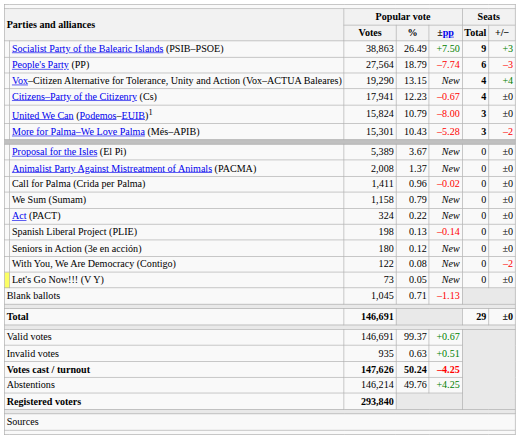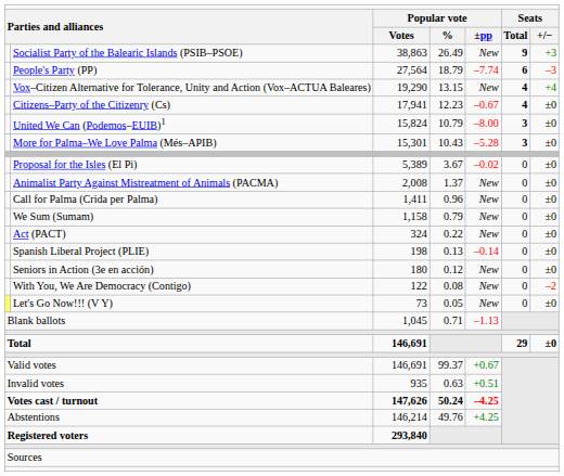 <table class="wikitable" style="text-align:right;">
 <tr>
 <td colspan="7"></td>
 </tr>
 <tr>
 <th style="text-align:left;" rowspan="2" colspan="2" width="525">Parties and alliances</th>
 <th colspan="3">Popular vote</th>
 <th colspan="2">Seats</th>
 </tr>
 <tr>
 <th width="75">Votes</th>
 <th width="45">%</th>
 <th width="45">±<a href='#'>pp</a></th>
 <th width="35">Total</th>
 <th width="35">+/−</th>
 </tr>
 <tr>
 <td width="1" style="color:inherit;background:"></td>
 <td align="left"><a href='#'>Socialist Party of the Balearic Islands</a> (PSIB–PSOE)</td>
 <td>38,863</td>
 <td>26.49</td>
-<td style="color:green;">+7.50</td>
+<td><em>New</em></td>
 <td><strong>9</strong></td>
 <td style="color:green;">+3</td>
 </tr>
 <tr>
 <td style="color:inherit;background:"></td>
 <td align="left"><a href='#'>People's Party</a> (PP)</td>
 <td>27,564</td>
 <td>18.79</td>
 <td style="color:red;">–7.74</td>
 <td><strong>6</strong></td>
 <td style="color:red;">–3</td>
 </tr>
 <tr>
 <td style="color:inherit;background:"></td>
 <td align="left"><a href='#'>Vox</a>–Citizen Alternative for Tolerance, Unity and Action (Vox–ACTUA Baleares)</td>
 <td>19,290</td>
 <td>13.15</td>
 <td><em>New</em></td>
 <td><strong>4</strong></td>
 <td style="color:green;">+4</td>
 </tr>
 <tr>
 <td style="color:inherit;background:"></td>
 <td align="left"><a href='#'>Citizens–Party of the Citizenry</a> (Cs)</td>
 <td>17,941</td>
 <td>12.23</td>
 <td style="color:red;">–0.67</td>
 <td><strong>4</strong></td>
 <td>±0</td>
 </tr>
 <tr>
 <td style="color:inherit;background:"></td>
 <td align="left"><a href='#'>United We Can</a> (<a href='#'>Podemos</a>–<a href='#'>EUIB</a>)<sup>1</sup></td>
 <td>15,824</td>
 <td>10.79</td>
 <td style="color:red;">–8.00</td>
 <td><strong>3</strong></td>
 <td>±0</td>
 </tr>
 <tr>
 <td style="color:inherit;background:"></td>
 <td align="left"><a href='#'>More for Palma–We Love Palma</a> (Més–APIB)</td>
 <td>15,301</td>
 <td>10.43</td>
 <td style="color:red;">–5.28</td>
 <td><strong>3</strong></td>
-<td style="color:red;">–2</td>
+<td>±0</td>
 </tr>
 <tr>
 <td colspan="7" bgcolor="#C0C0C0"></td>
 </tr>
 <tr>
 <td style="color:inherit;background:"></td>
 <td align="left"><a href='#'>Proposal for the Isles</a> (El Pi)</td>
 <td>5,389</td>
 <td>3.67</td>
-<td><em>New</em></td>
+<td style="color:red;">–0.02</td>
 <td>0</td>
 <td>±0</td>
 </tr>
 <tr>
 <td style="color:inherit;background:"></td>
 <td align="left"><a href='#'>Animalist Party Against Mistreatment of Animals</a> (PACMA)</td>
 <td>2,008</td>
 <td>1.37</td>
 <td><em>New</em></td>
 <td>0</td>
 <td>±0</td>
 </tr>
 <tr>
 <td style="color:inherit;background:"></td>
 <td align="left">Call for Palma (Crida per Palma)</td>
 <td>1,411</td>
 <td>0.96</td>
-<td style="color:red;">–0.02</td>
+<td><em>New</em></td>
 <td>0</td>
 <td>±0</td>
 </tr>
 <tr>
 <td style="color:inherit;background:"></td>
 <td align="left">We Sum (Sumam)</td>
 <td>1,158</td>
 <td>0.79</td>
 <td><em>New</em></td>
 <td>0</td>
 <td>±0</td>
 </tr>
 <tr>
 <td style="color:inherit;background:"></td>
 <td align="left"><a href='#'>Act</a> (PACT)</td>
 <td>324</td>
 <td>0.22</td>
 <td><em>New</em></td>
 <td>0</td>
 <td>±0</td>
 </tr>
 <tr>
 <td style="color:inherit;background:"></td>
 <td align="left">Spanish Liberal Project (PLIE)</td>
 <td>198</td>
 <td>0.13</td>
 <td style="color:red;">–0.14</td>
 <td>0</td>
 <td>±0</td>
 </tr>
 <tr>
 <td style="color:inherit;background:"></td>
 <td align="left">Seniors in Action (3e en acción)</td>
 <td>180</td>
 <td>0.12</td>
 <td><em>New</em></td>
 <td>0</td>
 <td>±0</td>
 </tr>
 <tr>
 <td style="color:inherit;background:"></td>
 <td align="left">With You, We Are Democracy (Contigo)</td>
 <td>122</td>
 <td>0.08</td>
 <td><em>New</em></td>
 <td>0</td>
 <td style="color:red;">–2</td>
 </tr>
 <tr>
 <td bgcolor="#FBFE63"></td>
 <td align="left">Let's Go Now!!! (V Y)</td>
 <td>73</td>
 <td>0.05</td>
 <td><em>New</em></td>
 <td>0</td>
 <td>±0</td>
 </tr>
 <tr>
 <td align="left" colspan="2">Blank ballots</td>
 <td>1,045</td>
 <td>0.71</td>
 <td style="color:red;">–1.13</td>
 <td bgcolor="#E9E9E9" colspan="2"></td>
 </tr>
 <tr>
 <td colspan="7" bgcolor="#E9E9E9"></td>
 </tr>
 <tr style="font-weight:bold;">
 <td align="left" colspan="2">Total</td>
 <td>146,691</td>
 <td bgcolor="#E9E9E9" colspan="2"></td>
 <td>29</td>
 <td>±0</td>
 </tr>
 <tr>
 <td colspan="7" bgcolor="#E9E9E9"></td>
 </tr>
 <tr>
 <td align="left" colspan="2">Valid votes</td>
 <td>146,691</td>
 <td>99.37</td>
 <td style="color:green;">+0.67</td>
 <td bgcolor="#E9E9E9" colspan="2" rowspan="5"></td>
 </tr>
 <tr>
 <td align="left" colspan="2">Invalid votes</td>
 <td>935</td>
 <td>0.63</td>
 <td style="color:green;">+0.51</td>
 </tr>
 <tr style="font-weight:bold;">
 <td align="left" colspan="2">Votes cast / turnout</td>
 <td>147,626</td>
 <td>50.24</td>
 <td style="color:red;">–4.25</td>
 </tr>
 <tr>
 <td align="left" colspan="2">Abstentions</td>
 <td>146,214</td>
 <td>49.76</td>
 <td style="color:green;">+4.25</td>
 </tr>
 <tr style="font-weight:bold;">
 <td align="left" colspan="2">Registered voters</td>
 <td>293,840</td>
 <td bgcolor="#E9E9E9" colspan="2"></td>
 </tr>
 <tr>
 <td colspan="7" bgcolor="#E9E9E9"></td>
 </tr>
 <tr>
 <td align="left" colspan="7">Sources</td>
 </tr>
 <tr>
 <td colspan="7" style="text-align:left; max-width:790px;"></td>
 </tr>
 </table>
